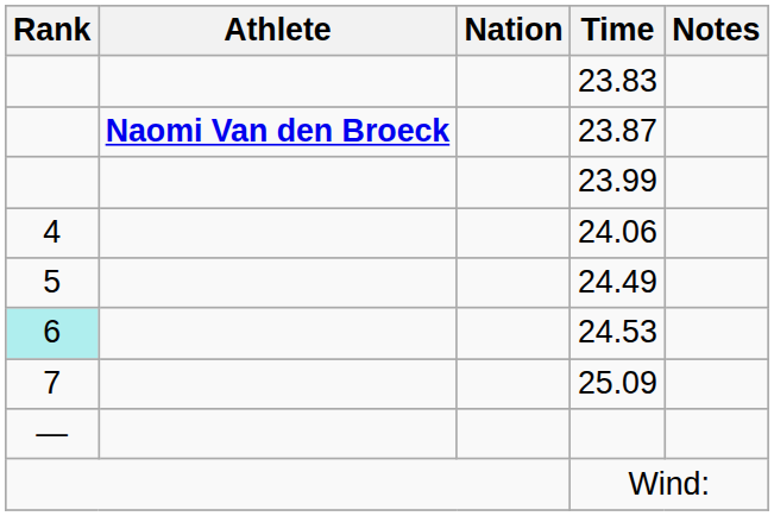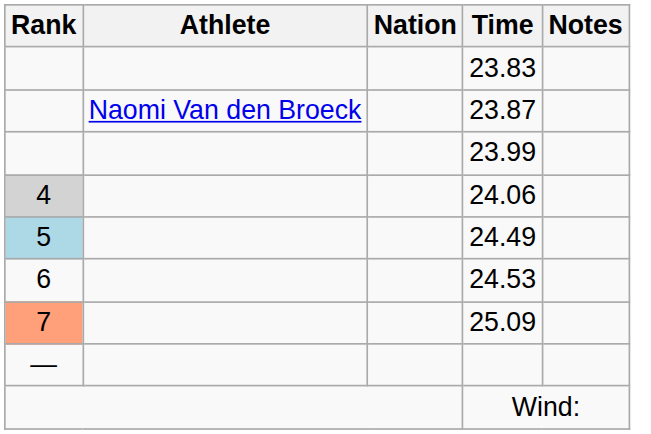 <table class="wikitable sortable" style="text-align:center;">
 <tr>
 <th scope="col" style="width: 10px;">Rank</th>
 <th scope="col">Athlete</th>
 <th scope="col">Nation</th>
 <th scope="col">Time</th>
 <th scope="col">Notes</th>
 </tr>
 <tr>
 <td></td>
 <td align=left></td>
 <td align=left></td>
 <td>23.83</td>
 <td></td>
 </tr>
 <tr>
 <td></td>
-<td align=left><strong><a href='#'>Naomi Van den Broeck</a></strong></td>
+<td align=left><a href='#'>Naomi Van den Broeck</a></td>
 <td align=left></td>
 <td>23.87</td>
 <td></td>
 </tr>
 <tr>
 <td></td>
 <td align=left></td>
 <td align=left></td>
 <td>23.99</td>
 <td></td>
 </tr>
 <tr>
-<td>4</td>
+<td style="background: lightgrey;">4</td>
 <td align=left></td>
 <td align=left></td>
 <td>24.06</td>
 <td></td>
 </tr>
 <tr>
-<td>5</td>
+<td style="background: lightblue;">5</td>
 <td align=left></td>
 <td align=left></td>
 <td>24.49</td>
 <td></td>
 </tr>
 <tr>
-<td style="background: paleturquoise;">6</td>
+<td>6</td>
 <td align=left></td>
 <td align=left></td>
 <td>24.53</td>
 <td></td>
 </tr>
 <tr>
-<td>7</td>
+<td style="background: lightsalmon;">7</td>
 <td align=left></td>
 <td align=left></td>
 <td>25.09</td>
 <td></td>
 </tr>
 <tr>
 <td>—</td>
 <td align=left></td>
 <td align=left></td>
 <td></td>
 <td></td>
 </tr>
 <tr class="sortbottom">
 <td colspan="3"></td>
 <td colspan="2">Wind: </td>
 </tr>
 </table>
